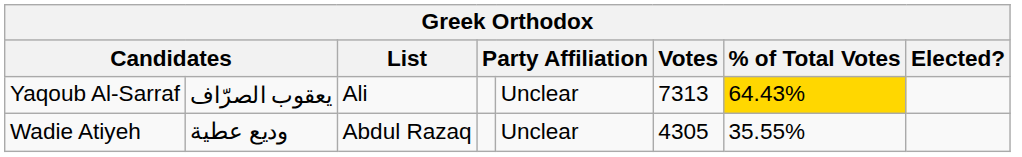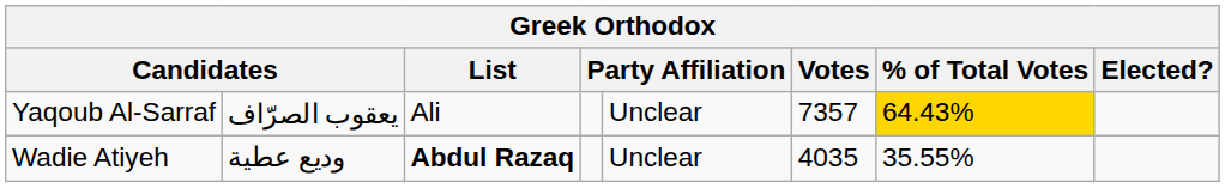 <table class="wikitable sortable">
 <tr>
 <th colspan="8">Greek Orthodox</th>
 </tr>
 <tr>
 <th colspan="2">Candidates</th>
 <th>List</th>
 <th colspan="2">Party Affiliation</th>
 <th>Votes</th>
 <th>% of Total Votes</th>
 <th>Elected?</th>
 </tr>
 <tr>
 <td>Yaqoub Al-Sarraf</td>
 <td>يعقوب الصرّاف</td>
 <td>Ali</td>
 <td style="background: "></td>
 <td>Unclear</td>
-<td>7313</td>
+<td>7357</td>
 <td style="background: gold;">64.43%</td>
 <td></td>
 </tr>
 <tr>
 <td>Wadie Atiyeh</td>
 <td>وديع عطية</td>
-<td>Abdul Razaq</td>
+<td><strong>Abdul Razaq</strong></td>
 <td style="background: "></td>
 <td>Unclear</td>
-<td>4305</td>
+<td>4035</td>
 <td>35.55%</td>
 <td></td>
 </tr>
 </table>
